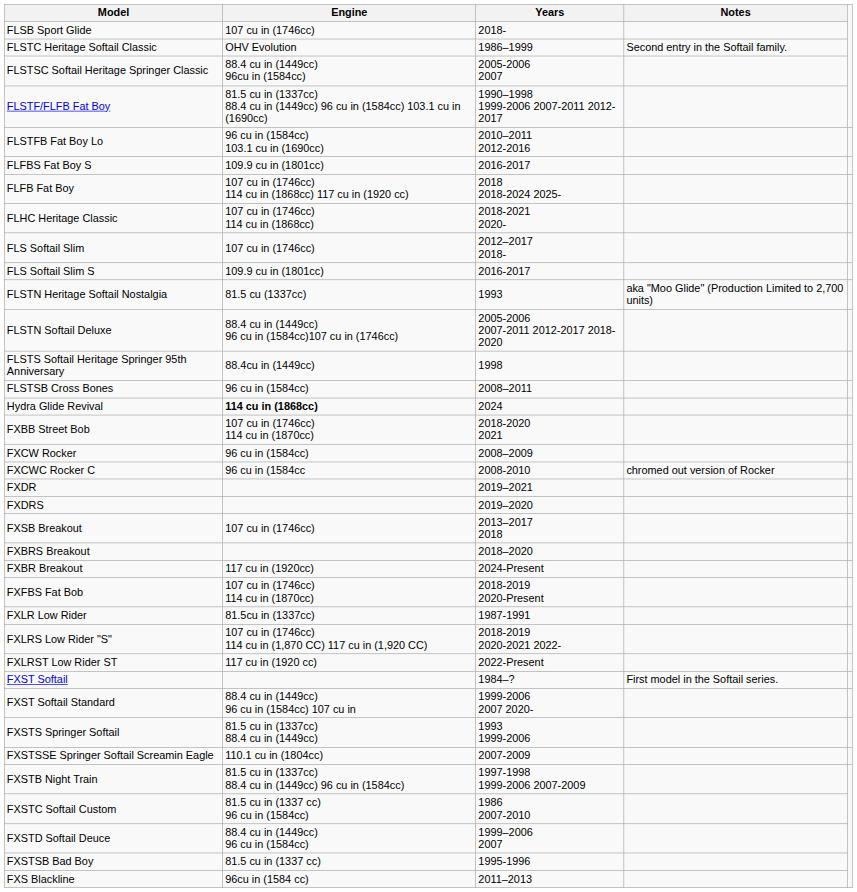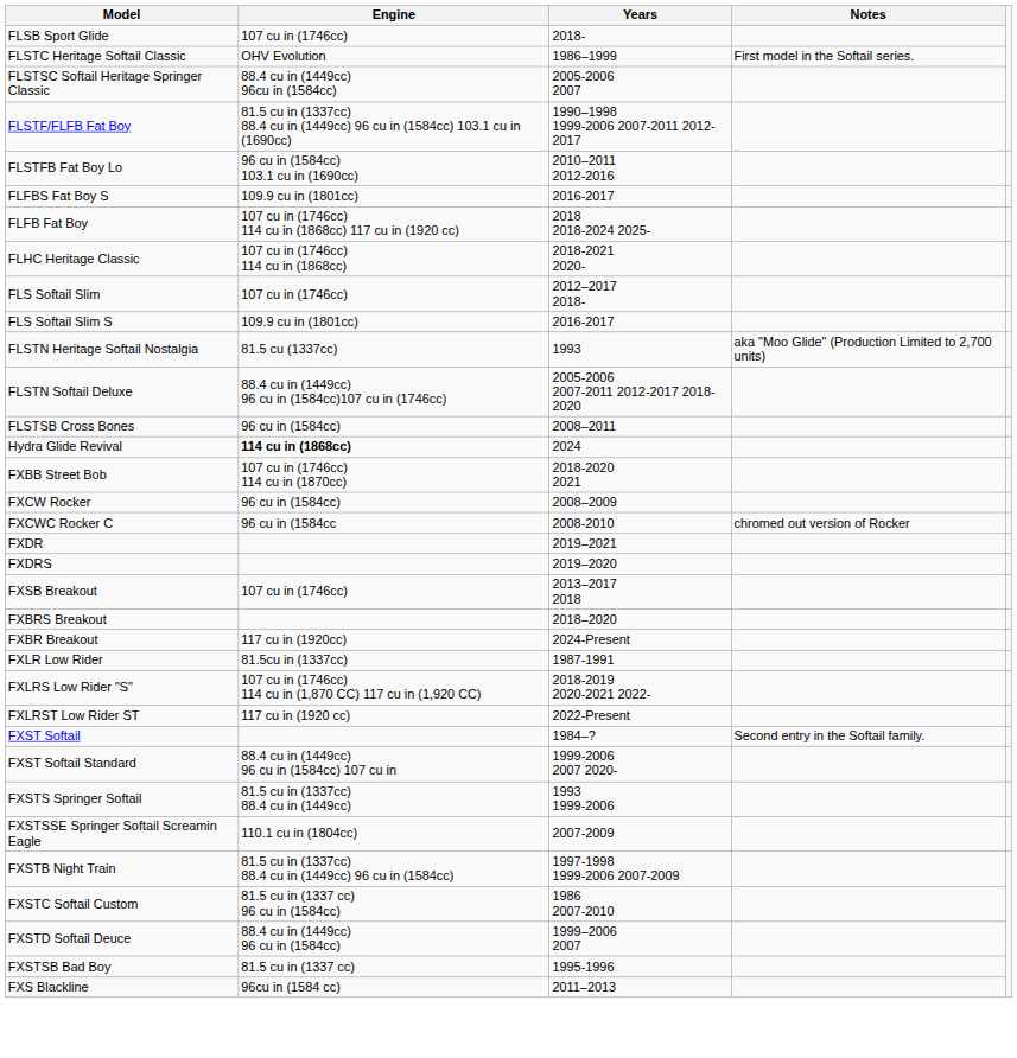 <table class="wikitable">
 <tr>
 <th>Model</th>
 <th>Engine</th>
 <th>Years</th>
 <th>Notes</th>
 </tr>
 <tr>
 <td>FLSB Sport Glide</td>
 <td>107 cu in (1746cc)</td>
 <td>2018-</td>
 <td></td>
 </tr>
 <tr>
 <td>FLSTC Heritage Softail Classic</td>
 <td> OHV Evolution</td>
 <td>1986–1999</td>
-<td>Second entry in the Softail family.</td>
+<td>First model in the Softail series.</td>
 </tr>
 <tr>
 <td>FLSTSC Softail Heritage Springer Classic</td>
 <td>88.4 cu in (1449cc)<br>96cu in (1584cc)</td>
 <td>2005-2006<br>2007</td>
 <td></td>
 </tr>
 <tr>
 <td><a href='#'>FLSTF/FLFB Fat Boy</a></td>
 <td>81.5 cu in (1337cc)<br>88.4 cu in (1449cc) 96 cu in (1584cc) 103.1 cu in (1690cc)</td>
 <td>1990–1998<br>1999-2006 2007-2011 2012-2017</td>
 <td></td>
 </tr>
 <tr>
 <td>FLSTFB Fat Boy Lo</td>
 <td>96 cu in (1584cc)<br>103.1 cu in (1690cc)</td>
 <td>2010–2011<br>2012-2016</td>
 <td></td>
 <td></td>
 </tr>
 <tr>
 <td>FLFBS Fat Boy S</td>
 <td>109.9 cu in (1801cc)</td>
 <td>2016-2017</td>
 <td></td>
 </tr>
 <tr>
 <td>FLFB Fat Boy</td>
 <td>107 cu in (1746cc)<br>114 cu in (1868cc) 117 cu in (1920 cc)</td>
 <td>2018<br>2018-2024 2025-</td>
 <td></td>
 <td></td>
 </tr>
 <tr>
 <td>FLHC Heritage Classic</td>
 <td>107 cu in (1746cc)<br>114 cu in (1868cc)</td>
 <td>2018-2021<br>2020-</td>
 <td></td>
 <td></td>
 </tr>
 <tr>
 <td>FLS Softail Slim</td>
 <td>107 cu in (1746cc)</td>
 <td>2012–2017<br>2018-</td>
 <td></td>
 <td></td>
 </tr>
 <tr>
 <td>FLS Softail Slim S</td>
 <td>109.9 cu in (1801cc)</td>
 <td>2016-2017</td>
 <td></td>
 <td></td>
 </tr>
 <tr>
 <td>FLSTN Heritage Softail Nostalgia</td>
 <td>81.5 cu (1337cc)</td>
 <td>1993</td>
 <td>aka "Moo Glide" (Production Limited to 2,700 units)</td>
 <td></td>
 </tr>
 <tr>
 <td>FLSTN Softail Deluxe</td>
 <td>88.4 cu in (1449cc)<br>96 cu in (1584cc)107 cu in (1746cc)</td>
 <td>2005-2006<br>2007-2011 2012-2017 2018-2020</td>
-<td></td>
-<td></td>
-</tr>
-<tr>
-<td>FLSTS Softail Heritage Springer 95th Anniversary</td>
-<td>88.4cu in (1449cc)</td>
-<td>1998</td>
 <td></td>
 <td></td>
 </tr>
 <tr>
 <td>FLSTSB Cross Bones</td>
 <td>96 cu in (1584cc)</td>
 <td>2008–2011</td>
 <td></td>
 <td></td>
 </tr>
 <tr>
 <td>Hydra Glide Revival</td>
 <td><strong>114 cu in (1868cc)</strong></td>
 <td>2024</td>
 <td></td>
 <td></td>
 </tr>
 <tr>
 <td>FXBB Street Bob</td>
 <td>107 cu in (1746cc)<br>114 cu in (1870cc)</td>
 <td>2018-2020<br>2021</td>
 <td></td>
 <td></td>
 </tr>
 <tr>
 <td>FXCW Rocker</td>
 <td>96 cu in (1584cc)</td>
 <td>2008–2009</td>
 <td></td>
 <td></td>
 </tr>
 <tr>
 <td>FXCWC Rocker C</td>
 <td>96 cu in (1584cc</td>
 <td>2008-2010</td>
 <td>chromed out version of Rocker</td>
 <td></td>
 </tr>
 <tr>
 <td>FXDR</td>
 <td></td>
 <td>2019–2021</td>
 <td></td>
 <td></td>
 </tr>
 <tr>
 <td>FXDRS</td>
 <td></td>
 <td>2019–2020</td>
 <td></td>
 <td></td>
 </tr>
 <tr>
 <td>FXSB Breakout</td>
 <td>107 cu in (1746cc)</td>
 <td>2013–2017<br>2018</td>
 <td></td>
 </tr>
 <tr>
 <td>FXBRS Breakout</td>
 <td></td>
 <td>2018–2020</td>
 <td></td>
 <td></td>
 </tr>
 <tr>
 <td>FXBR Breakout</td>
 <td>117 cu in (1920cc)</td>
 <td>2024-Present</td>
 <td></td>
 <td></td>
 </tr>
 <tr>
-<td>FXFBS Fat Bob</td>
-<td>107 cu in (1746cc)<br>114 cu in (1870cc)</td>
-<td>2018-2019<br>2020-Present</td>
-<td></td>
-<td></td>
-</tr>
-<tr>
 <td>FXLR Low Rider</td>
 <td>81.5cu in (1337cc)</td>
 <td>1987-1991</td>
 <td></td>
 <td></td>
 </tr>
 <tr>
 <td>FXLRS Low Rider "S"</td>
 <td>107 cu in (1746cc)<br>114 cu in (1,870 CC)  117 cu in (1,920 CC)</td>
 <td>2018-2019<br>2020-2021 2022-</td>
 <td></td>
 <td></td>
 </tr>
 <tr>
 <td>FXLRST Low Rider ST</td>
 <td>117 cu in (1920 cc)</td>
 <td>2022-Present</td>
 <td></td>
 <td></td>
 </tr>
 <tr>
 <td><a href='#'>FXST Softail</a></td>
 <td></td>
 <td>1984–?</td>
-<td>First model in the Softail series.</td>
+<td>Second entry in the Softail family.</td>
 <td></td>
 </tr>
 <tr>
 <td>FXST Softail Standard</td>
 <td>88.4 cu in (1449cc)<br>96 cu in (1584cc) 107 cu in</td>
 <td>1999-2006<br>2007 2020-</td>
 <td></td>
 </tr>
 <tr>
 <td>FXSTS Springer Softail</td>
 <td>81.5 cu in (1337cc)<br>88.4 cu in (1449cc)</td>
 <td>1993<br>1999-2006</td>
 <td></td>
 <td></td>
 </tr>
 <tr>
 <td>FXSTSSE Springer Softail Screamin Eagle</td>
 <td>110.1 cu in (1804cc)</td>
 <td>2007-2009</td>
 <td></td>
 <td></td>
 </tr>
 <tr>
 <td>FXSTB Night Train</td>
 <td>81.5 cu in (1337cc)<br>88.4 cu in (1449cc) 96 cu in (1584cc)</td>
 <td>1997-1998<br>1999-2006 2007-2009</td>
 <td></td>
 </tr>
 <tr>
 <td>FXSTC Softail Custom</td>
 <td>81.5 cu in (1337 cc)<br>96 cu in (1584cc)</td>
 <td>1986<br>2007-2010</td>
 <td></td>
 </tr>
 <tr>
 <td>FXSTD Softail Deuce</td>
 <td>88.4 cu in (1449cc)<br>96 cu in (1584cc)</td>
 <td>1999–2006<br>2007</td>
 <td></td>
 </tr>
 <tr>
 <td>FXSTSB Bad Boy</td>
 <td>81.5 cu in (1337 cc)</td>
 <td>1995-1996</td>
 <td></td>
 </tr>
 <tr>
 <td>FXS Blackline</td>
 <td>96cu in (1584 cc)</td>
 <td>2011–2013</td>
 <td></td>
 </tr>
 </table>
